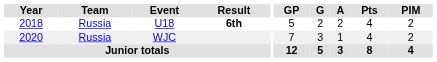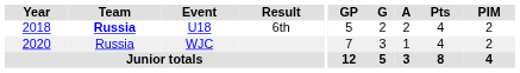 <table border="0" cellpadding="1" cellspacing="0" ID="Table3" style="text-align:center; width:40em">
 <tr ALIGN="center" bgcolor="#e0e0e0">
 <th>Year</th>
 <th>Team</th>
 <th>Event</th>
 <th>Result</th>
 <th rowspan="99" bgcolor="#ffffff"></th>
 <th>GP</th>
 <th>G</th>
 <th>A</th>
 <th>Pts</th>
 <th>PIM</th>
 </tr>
 <tr>
 <td><a href='#'>2018</a></td>
-<td><a href='#'>Russia</a></td>
+<td><strong><a href='#'>Russia</a></strong></td>
 <td><a href='#'>U18</a></td>
-<td><strong>6th</strong></td>
+<td>6th</td>
 <td>5</td>
 <td>2</td>
 <td>2</td>
 <td>4</td>
 <td>2</td>
 </tr>
 <tr bgcolor="#f0f0f0">
 <td><a href='#'>2020</a></td>
 <td><a href='#'>Russia</a></td>
 <td><a href='#'>WJC</a></td>
 <td></td>
 <td>7</td>
 <td>3</td>
 <td>1</td>
 <td>4</td>
 <td>2</td>
 </tr>
 <tr ALIGN="center" bgcolor="#e0e0e0">
 <th colspan=4>Junior totals</th>
 <th>12</th>
 <th>5</th>
 <th>3</th>
 <th>8</th>
 <th>4</th>
 </tr>
 </table>
